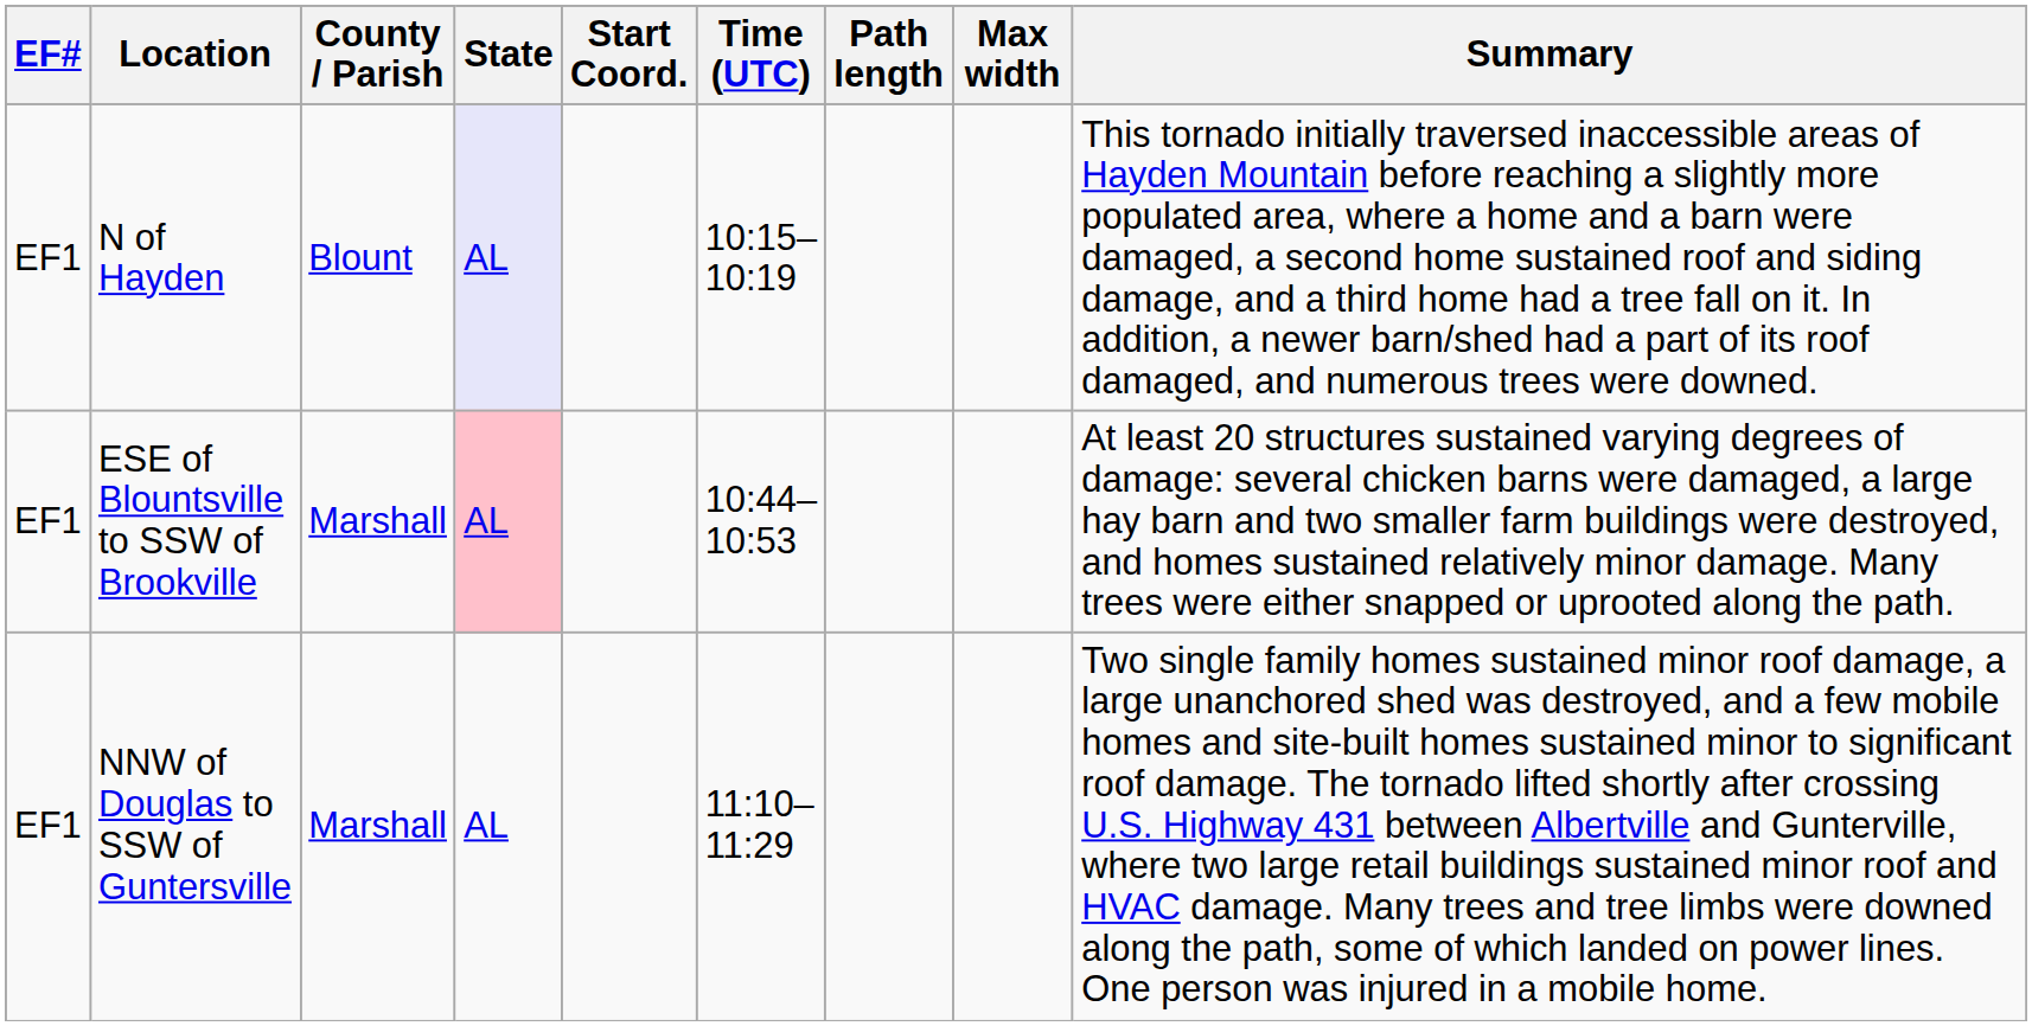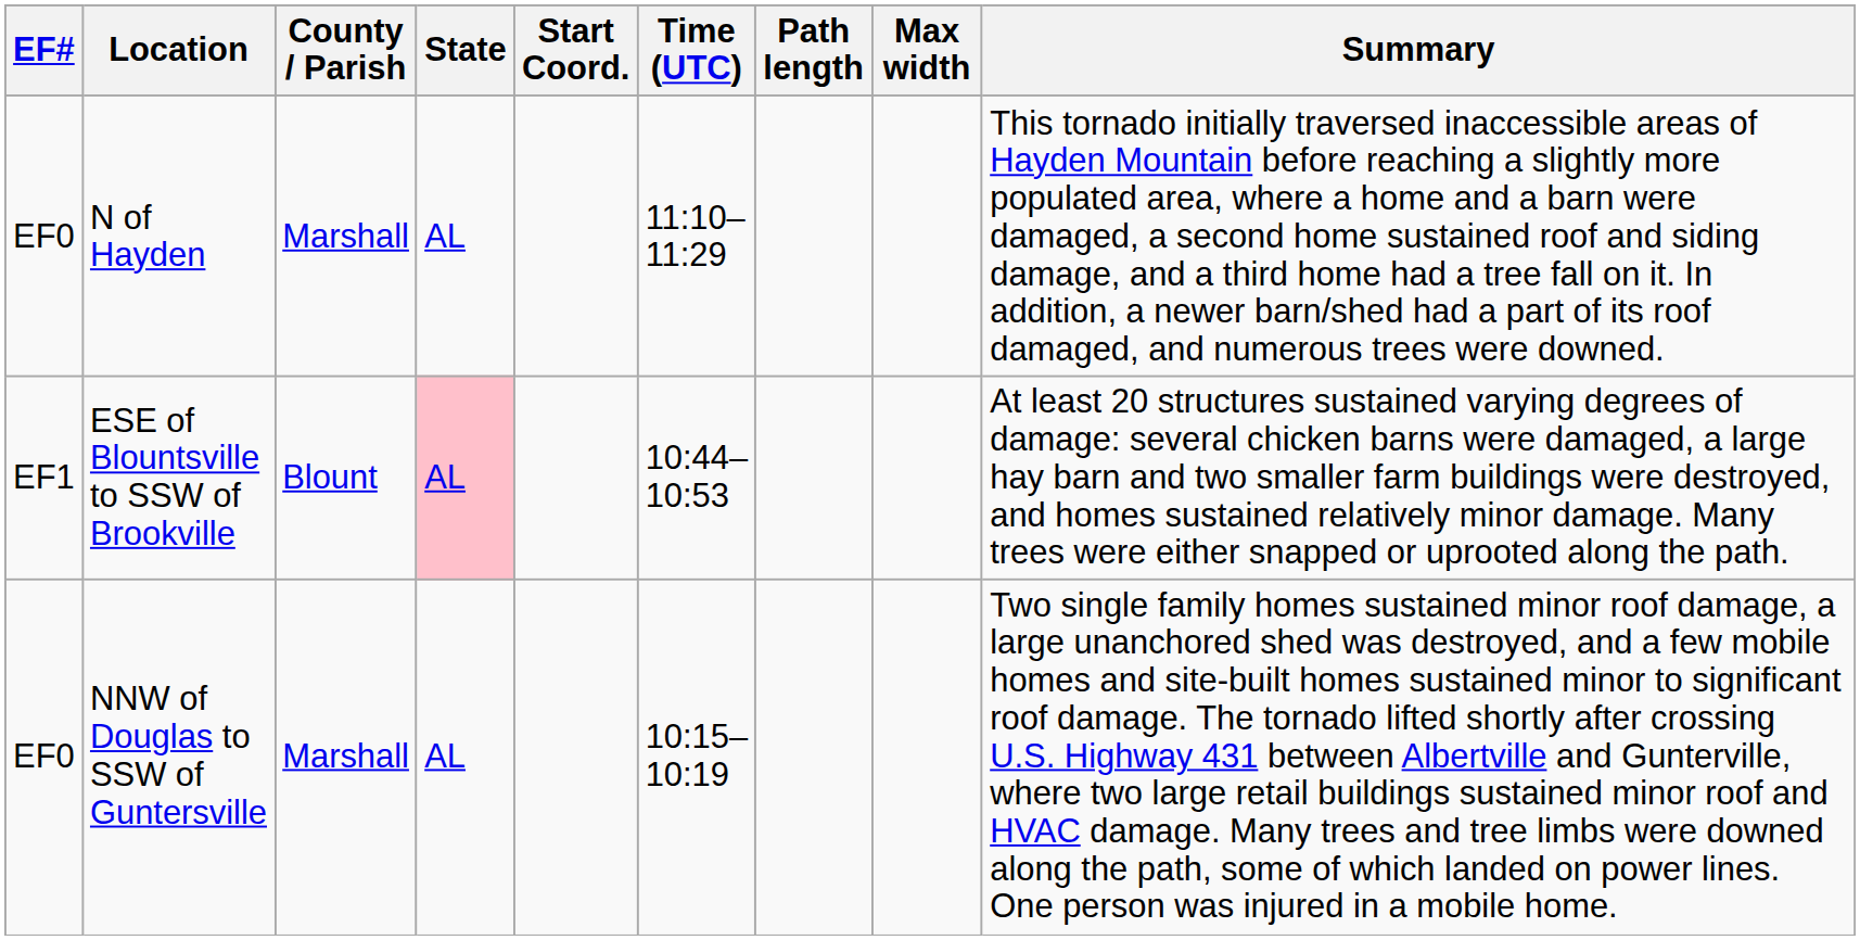 <table class="wikitable sortable" style="width:100%;">
 <tr>
 <th scope="col"  style="width:3%; text-align:center;"><a href='#'>EF#</a></th>
 <th scope="col"  style="width:7%; text-align:center;" class="unsortable">Location</th>
 <th scope="col"  style="width:6%; text-align:center;" class="unsortable">County / Parish</th>
 <th scope="col"  style="width:5%; text-align:center;">State</th>
 <th scope="col"  style="width:6%; text-align:center;">Start Coord.</th>
 <th scope="col"  style="width:6%; text-align:center;">Time (<a href='#'>UTC</a>)</th>
 <th scope="col"  style="width:6%; text-align:center;">Path length</th>
 <th scope="col"  style="width:6%; text-align:center;">Max width</th>
 <th scope="col" class="unsortable" style="width:48%; text-align:center;">Summary</th>
 </tr>
 <tr>
-<td>EF1</td>
+<td>EF0</td>
 <td>N of <a href='#'>Hayden</a></td>
-<td><a href='#'>Blount</a></td>
-<td style="background: lavender;"><a href='#'>AL</a></td>
+<td><a href='#'>Marshall</a></td>
+<td><a href='#'>AL</a></td>
 <td></td>
-<td>10:15–10:19</td>
+<td>11:10–11:29</td>
 <td></td>
 <td></td>
 <td>This tornado initially traversed inaccessible areas of <a href='#'>Hayden Mountain</a> before reaching a slightly more populated area, where a home and a barn were damaged, a second home sustained roof and siding damage, and a third home had a tree fall on it. In addition, a newer barn/shed had a part of its roof damaged, and numerous trees were downed.</td>
 </tr>
 <tr>
 <td>EF1</td>
 <td>ESE of <a href='#'>Blountsville</a> to SSW of <a href='#'>Brookville</a></td>
-<td><a href='#'>Marshall</a></td>
+<td><a href='#'>Blount</a></td>
 <td style="background: pink;"><a href='#'>AL</a></td>
 <td></td>
 <td>10:44–10:53</td>
 <td></td>
 <td></td>
 <td>At least 20 structures sustained varying degrees of damage: several chicken barns were damaged, a large hay barn and two smaller farm buildings were destroyed, and homes sustained relatively minor damage. Many trees were either snapped or uprooted along the path.</td>
 </tr>
 <tr>
-<td>EF1</td>
+<td>EF0</td>
 <td>NNW of <a href='#'>Douglas</a> to SSW of <a href='#'>Guntersville</a></td>
 <td><a href='#'>Marshall</a></td>
 <td><a href='#'>AL</a></td>
 <td></td>
-<td>11:10–11:29</td>
+<td>10:15–10:19</td>
 <td></td>
 <td></td>
 <td>Two single family homes sustained minor roof damage, a large unanchored shed was destroyed, and a few mobile homes and site-built homes sustained minor to significant roof damage. The tornado lifted shortly after crossing <a href='#'>U.S. Highway 431</a> between <a href='#'>Albertville</a> and Gunterville, where two large retail buildings sustained minor roof and <a href='#'>HVAC</a> damage. Many trees and tree limbs were downed along the path, some of which landed on power lines. One person was injured in a mobile home.</td>
 </tr>
 </table>
